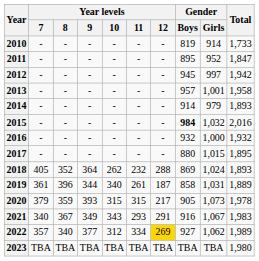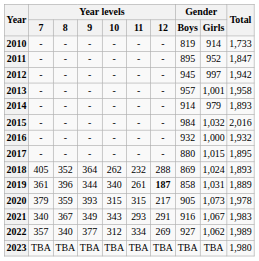 <table class="wikitable sortable">
 <tr>
 <th rowspan=2>Year</th>
 <th colspan=6>Year levels</th>
 <th colspan=2>Gender</th>
 <th rowspan=2>Total</th>
 </tr>
 <tr>
 <th>7</th>
 <th>8</th>
 <th>9</th>
 <th>10</th>
 <th>11</th>
 <th>12</th>
 <th>Boys</th>
 <th>Girls</th>
 </tr>
 <tr>
 <th>2010</th>
 <td style="text-align:center">-</td>
 <td style="text-align:center">-</td>
 <td style="text-align:center">-</td>
 <td style="text-align:center">-</td>
 <td style="text-align:center">-</td>
 <td style="text-align:center">-</td>
 <td style="text-align:center">819</td>
 <td style="text-align:center">914</td>
 <td style="text-align:center">1,733</td>
 </tr>
 <tr>
 <th>2011</th>
 <td style="text-align:center">-</td>
 <td style="text-align:center">-</td>
 <td style="text-align:center">-</td>
 <td style="text-align:center">-</td>
 <td style="text-align:center">-</td>
 <td style="text-align:center">-</td>
 <td style="text-align:center">895</td>
 <td style="text-align:center">952</td>
 <td style="text-align:center">1,847</td>
 </tr>
 <tr>
 <th>2012</th>
 <td style="text-align:center">-</td>
 <td style="text-align:center">-</td>
 <td style="text-align:center">-</td>
 <td style="text-align:center">-</td>
 <td style="text-align:center">-</td>
 <td style="text-align:center">-</td>
 <td style="text-align:center">945</td>
 <td style="text-align:center">997</td>
 <td style="text-align:center">1,942</td>
 </tr>
 <tr>
 <th>2013</th>
 <td style="text-align:center">-</td>
 <td style="text-align:center">-</td>
 <td style="text-align:center">-</td>
 <td style="text-align:center">-</td>
 <td style="text-align:center">-</td>
 <td style="text-align:center">-</td>
 <td style="text-align:center">957</td>
 <td style="text-align:center">1,001</td>
 <td style="text-align:center">1,958</td>
 </tr>
 <tr>
 <th>2014</th>
 <td style="text-align:center">-</td>
 <td style="text-align:center">-</td>
 <td style="text-align:center">-</td>
 <td style="text-align:center">-</td>
 <td style="text-align:center">-</td>
 <td style="text-align:center">-</td>
 <td style="text-align:center">914</td>
 <td style="text-align:center">979</td>
 <td style="text-align:center">1,893</td>
 </tr>
 <tr>
 <th>2015</th>
 <td style="text-align:center">-</td>
 <td style="text-align:center">-</td>
 <td style="text-align:center">-</td>
 <td style="text-align:center">-</td>
 <td style="text-align:center">-</td>
 <td style="text-align:center">-</td>
-<td style="text-align:center"><strong>984</strong></td>
+<td style="text-align:center">984</td>
 <td style="text-align:center">1,032</td>
 <td style="text-align:center">2,016</td>
 </tr>
 <tr>
 <th>2016</th>
 <td style="text-align:center">-</td>
 <td style="text-align:center">-</td>
 <td style="text-align:center">-</td>
 <td style="text-align:center">-</td>
 <td style="text-align:center">-</td>
 <td style="text-align:center">-</td>
 <td style="text-align:center">932</td>
 <td style="text-align:center">1,000</td>
 <td style="text-align:center">1,932</td>
 </tr>
 <tr>
 <th>2017</th>
 <td style="text-align:center">-</td>
 <td style="text-align:center">-</td>
 <td style="text-align:center">-</td>
 <td style="text-align:center">-</td>
 <td style="text-align:center">-</td>
 <td style="text-align:center">-</td>
 <td style="text-align:center">880</td>
 <td style="text-align:center">1,015</td>
 <td style="text-align:center">1,895</td>
 </tr>
 <tr>
 <th>2018</th>
 <td style="text-align:center">405</td>
 <td style="text-align:center">352</td>
 <td style="text-align:center">364</td>
 <td style="text-align:center">262</td>
 <td style="text-align:center">232</td>
 <td style="text-align:center">288</td>
 <td style="text-align:center">869</td>
 <td style="text-align:center">1,024</td>
 <td style="text-align:center">1,893</td>
 </tr>
 <tr>
 <th>2019</th>
 <td style="text-align:center">361</td>
 <td style="text-align:center">396</td>
 <td style="text-align:center">344</td>
 <td style="text-align:center">340</td>
 <td style="text-align:center">261</td>
-<td style="text-align:center">187</td>
+<td style="text-align:center"><strong>187</strong></td>
 <td style="text-align:center">858</td>
 <td style="text-align:center">1,031</td>
 <td style="text-align:center">1,889</td>
 </tr>
 <tr>
 <th>2020</th>
 <td style="text-align:center">379</td>
 <td style="text-align:center">359</td>
 <td style="text-align:center">393</td>
 <td style="text-align:center">315</td>
 <td style="text-align:center">315</td>
 <td style="text-align:center">217</td>
 <td style="text-align:center">905</td>
 <td style="text-align:center">1,073</td>
 <td style="text-align:center">1,978</td>
 </tr>
 <tr>
 <th>2021</th>
 <td style="text-align:center">340</td>
 <td style="text-align:center">367</td>
 <td style="text-align:center">349</td>
 <td style="text-align:center">343</td>
 <td style="text-align:center">293</td>
 <td style="text-align:center">291</td>
 <td style="text-align:center">916</td>
 <td style="text-align:center">1,067</td>
 <td style="text-align:center">1,983</td>
 </tr>
 <tr>
 <th>2022</th>
 <td style="text-align:center">357</td>
 <td style="text-align:center">340</td>
 <td style="text-align:center">377</td>
 <td style="text-align:center">312</td>
 <td style="text-align:center">334</td>
-<td style="background: gold; text-align:center">269</td>
+<td style="text-align:center">269</td>
 <td style="text-align:center">927</td>
 <td style="text-align:center">1,062</td>
 <td style="text-align:center">1,989</td>
 </tr>
 <tr>
 <th>2023</th>
 <td style="text-align:center">TBA</td>
 <td style="text-align:center">TBA</td>
 <td style="text-align:center">TBA</td>
 <td style="text-align:center">TBA</td>
 <td style="text-align:center">TBA</td>
 <td style="text-align:center">TBA</td>
 <td style="text-align:center">TBA</td>
 <td style="text-align:center">TBA</td>
 <td style="text-align:center">1,980</td>
 </tr>
 </table>
